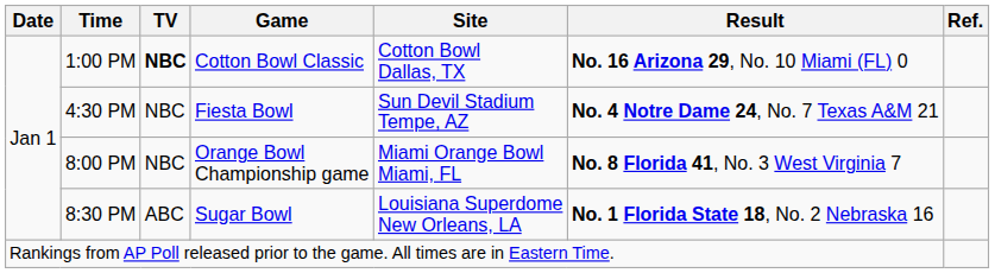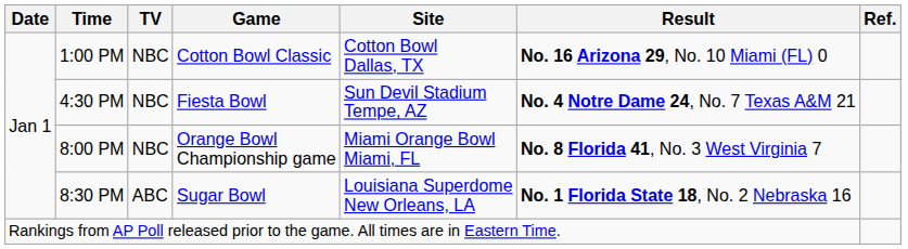 <table class="wikitable" style="font-size:90%;"|>
 <tr>
 <th>Date</th>
 <th>Time</th>
 <th>TV</th>
 <th>Game</th>
 <th>Site</th>
 <th>Result</th>
 <th>Ref.</th>
 </tr>
 <tr>
 <td rowspan="4">Jan 1</td>
 <td>1:00 PM</td>
-<td><strong>NBC</strong></td>
+<td>NBC</td>
 <td><a href='#'>Cotton Bowl Classic</a></td>
 <td><a href='#'>Cotton Bowl</a><br><a href='#'>Dallas, TX</a></td>
 <td><strong>No. 16 <a href='#'>Arizona</a> 29</strong>, No. 10 <a href='#'>Miami (FL)</a> 0</td>
 <td></td>
 </tr>
 <tr>
 <td>4:30 PM</td>
 <td>NBC</td>
 <td><a href='#'>Fiesta Bowl</a></td>
 <td><a href='#'>Sun Devil Stadium</a><br><a href='#'>Tempe, AZ</a></td>
 <td><strong>No. 4 <a href='#'>Notre Dame</a> 24</strong>, No. 7 <a href='#'>Texas A&M</a> 21</td>
 <td></td>
 </tr>
 <tr>
 <td>8:00 PM</td>
 <td>NBC</td>
 <td><a href='#'>Orange Bowl</a><br>Championship game</td>
 <td><a href='#'>Miami Orange Bowl</a><br><a href='#'>Miami, FL</a></td>
 <td><strong>No. 8 <a href='#'>Florida</a> 41</strong>, No. 3 <a href='#'>West Virginia</a> 7</td>
 <td></td>
 </tr>
 <tr>
 <td>8:30 PM</td>
 <td>ABC</td>
 <td><a href='#'>Sugar Bowl</a></td>
 <td><a href='#'>Louisiana Superdome</a><br><a href='#'>New Orleans, LA</a></td>
 <td><strong>No. 1 <a href='#'>Florida State</a> 18</strong>, No. 2 <a href='#'>Nebraska</a> 16</td>
 <td></td>
 </tr>
 <tr>
 <td colspan=6 style="font-size:90%;">Rankings from <a href='#'>AP Poll</a> released prior to the game. All times are in <a href='#'>Eastern Time</a>.</td>
 </tr>
 </table>
